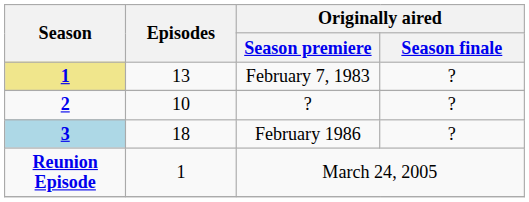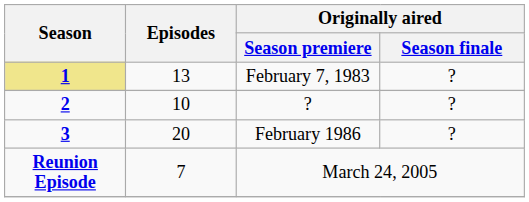 <table class="wikitable" style="text-align:center">
 <tr>
 <th rowspan="2" width="100">Season</th>
 <th ! rowspan="2" width="90">Episodes</th>
 <th ! colspan="2" width="240">Originally aired</th>
 </tr>
 <tr>
 <th width="120"><a href='#'>Season premiere</a></th>
 <th ! width="120"><a href='#'>Season finale</a></th>
 </tr>
 <tr>
 <td align="center" style="background: khaki;"><strong><a href='#'>1</a></strong></td>
 <td align="center">13</td>
 <td align="center">February 7, 1983</td>
 <td align="center">?</td>
 </tr>
 <tr bgcolor="669999">
 </tr>
 <tr>
 <td align="center"><strong><a href='#'>2</a></strong></td>
 <td align="center">10</td>
 <td align="center">?</td>
 <td align="center">?</td>
 </tr>
 <tr>
-<td align="center" style="background: lightblue;"><strong><a href='#'>3</a></strong></td>
-<td align="center">18</td>
+<td align="center"><strong><a href='#'>3</a></strong></td>
+<td align="center">20</td>
 <td align="center">February 1986</td>
 <td align="center">?</td>
 </tr>
 <tr>
 <td align="center"><strong><a href='#'>Reunion Episode</a></strong></td>
-<td align="center">1</td>
+<td align="center">7</td>
 <td colspan="2" align="center">March 24, 2005</td>
 </tr>
 <tr>
 </tr>
 </table>
